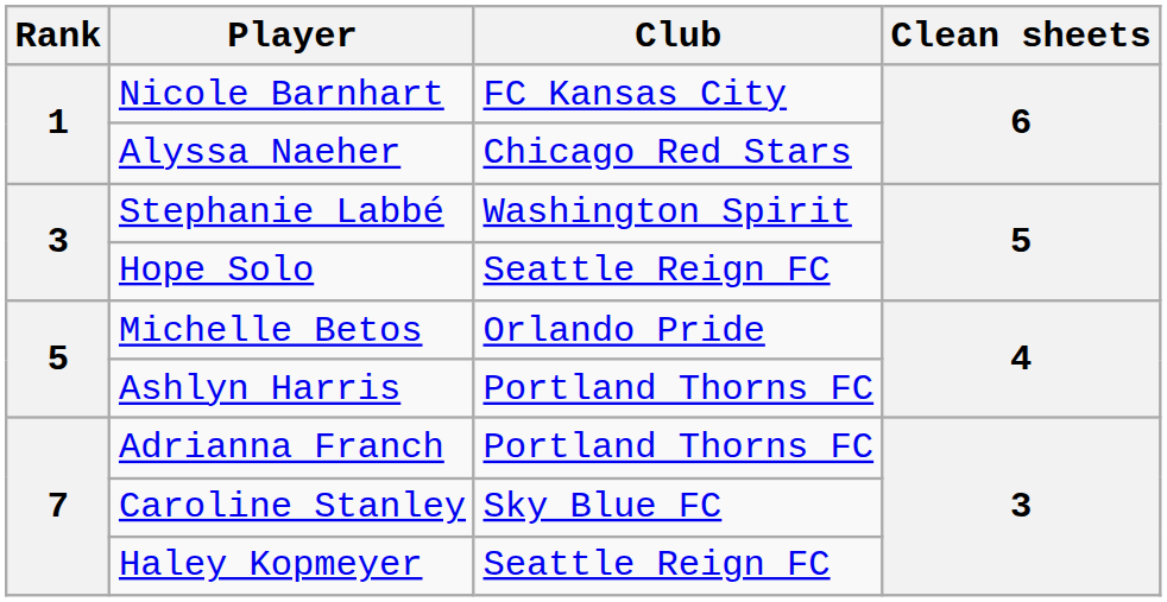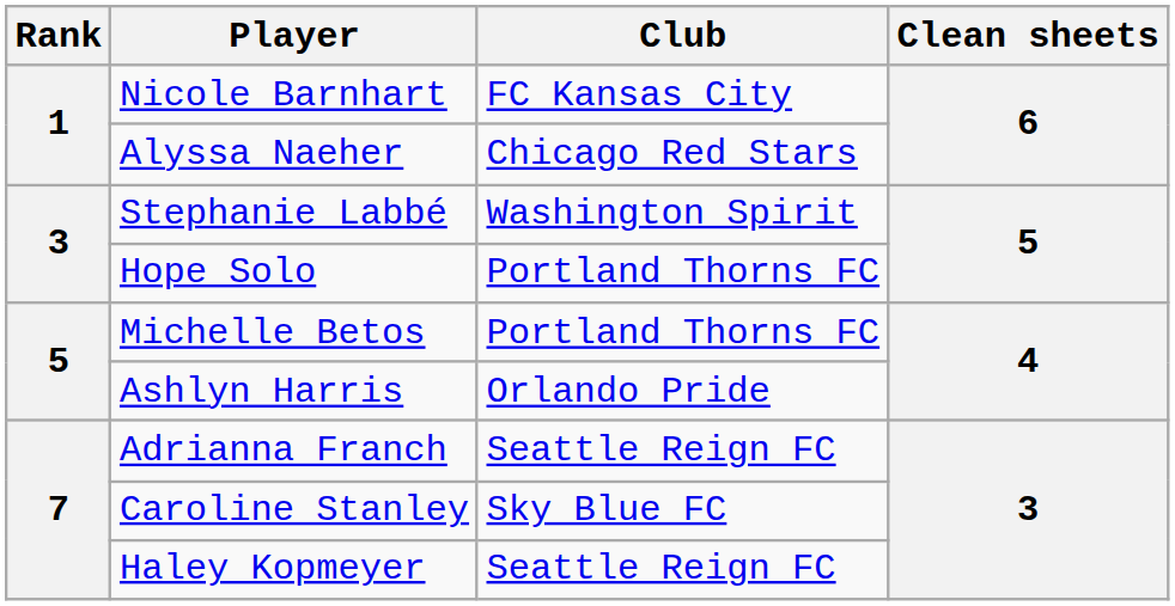 <table class="wikitable sortable " style="text-align: left;">
 <tr>
 <th>Rank</th>
 <th>Player</th>
 <th>Club</th>
 <th>Clean sheets</th>
 </tr>
 <tr>
 <th align=center rowspan=2>1</th>
 <td> <a href='#'>Nicole Barnhart</a></td>
 <td><a href='#'>FC Kansas City</a></td>
 <th align=center rowspan=2>6</th>
 </tr>
 <tr>
 <td> <a href='#'>Alyssa Naeher</a></td>
 <td><a href='#'>Chicago Red Stars</a></td>
 </tr>
 <tr>
 <th align=center rowspan=2>3</th>
 <td> <a href='#'>Stephanie Labbé</a></td>
 <td><a href='#'>Washington Spirit</a></td>
 <th align=center rowspan=2>5</th>
 </tr>
 <tr>
 <td> <a href='#'>Hope Solo</a></td>
-<td><a href='#'>Seattle Reign FC</a></td>
+<td><a href='#'>Portland Thorns FC</a></td>
 </tr>
 <tr>
 <th align=center rowspan=2>5</th>
 <td> <a href='#'>Michelle Betos</a></td>
-<td><a href='#'>Orlando Pride</a></td>
+<td><a href='#'>Portland Thorns FC</a></td>
 <th align=center rowspan=2>4</th>
 </tr>
 <tr>
 <td> <a href='#'>Ashlyn Harris</a></td>
-<td><a href='#'>Portland Thorns FC</a></td>
+<td><a href='#'>Orlando Pride</a></td>
 </tr>
 <tr>
 <th align=center rowspan=3>7</th>
 <td> <a href='#'>Adrianna Franch</a></td>
-<td><a href='#'>Portland Thorns FC</a></td>
+<td><a href='#'>Seattle Reign FC</a></td>
 <th align=center rowspan=3>3</th>
 </tr>
 <tr>
 <td> <a href='#'>Caroline Stanley</a></td>
 <td><a href='#'>Sky Blue FC</a></td>
 </tr>
 <tr>
 <td> <a href='#'>Haley Kopmeyer</a></td>
 <td><a href='#'>Seattle Reign FC</a></td>
 </tr>
 </table>
